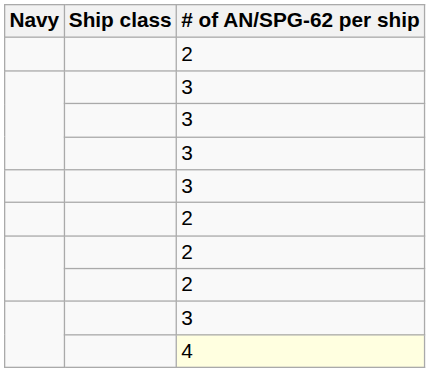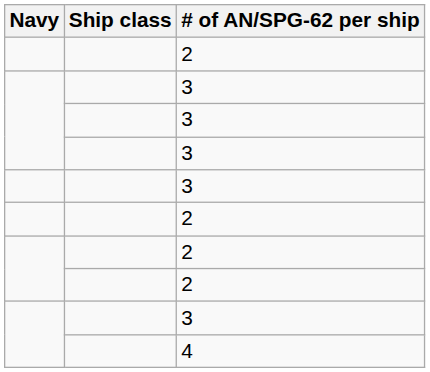 <table class="wikitable" style=";">
 <tr>
 <th>Navy</th>
 <th>Ship class</th>
 <th># of AN/SPG-62 per ship</th>
 </tr>
 <tr>
 <td></td>
 <td></td>
 <td>2</td>
 </tr>
 <tr>
 <td rowspan="3"></td>
 <td></td>
 <td>3</td>
 </tr>
 <tr>
 <td></td>
 <td>3</td>
 </tr>
 <tr>
 <td></td>
 <td>3</td>
 </tr>
 <tr>
 <td></td>
 <td></td>
 <td>3</td>
 </tr>
 <tr>
 <td></td>
 <td></td>
 <td>2</td>
 </tr>
 <tr>
 <td rowspan="2"></td>
 <td></td>
 <td>2</td>
 </tr>
 <tr>
 <td></td>
 <td>2</td>
 </tr>
 <tr>
 <td rowspan="2"></td>
 <td></td>
 <td>3</td>
 </tr>
 <tr>
 <td></td>
-<td style="background: lightyellow;">4</td>
+<td>4</td>
 </tr>
 </table>
